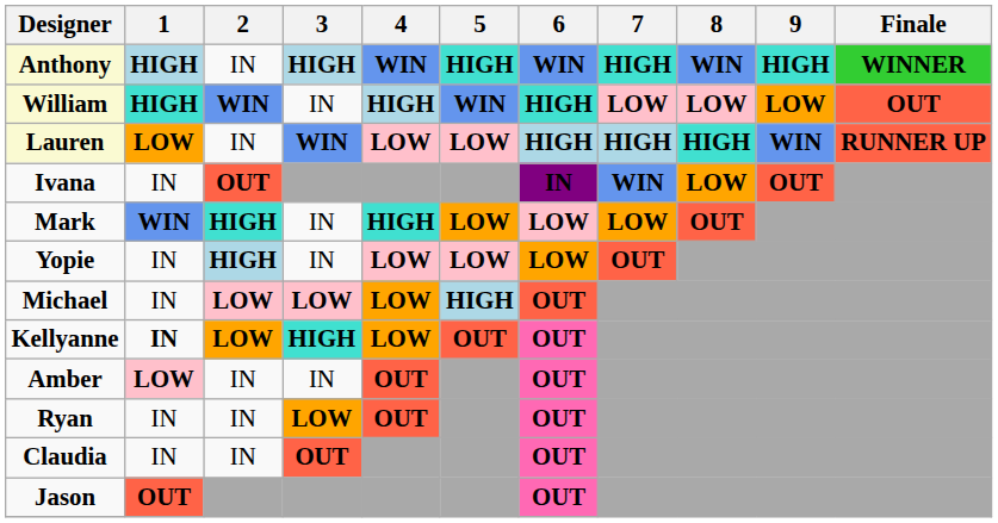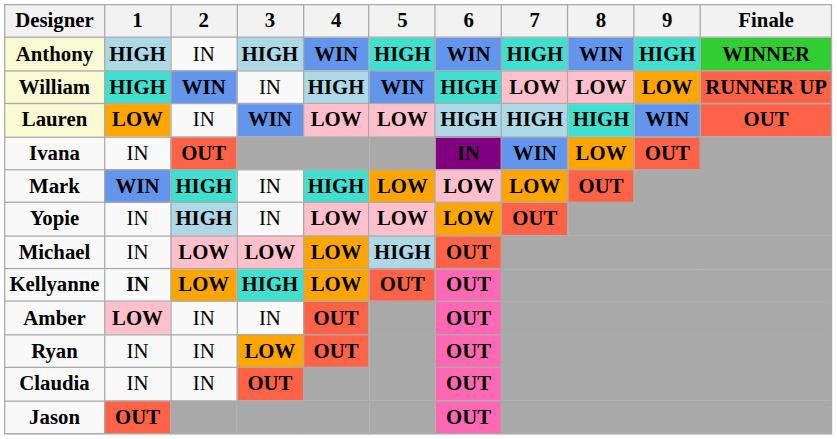 <table class="wikitable" style="text-align:center">
 <tr>
 <th>Designer</th>
 <th>1</th>
 <th>2</th>
 <th>3</th>
 <th>4</th>
 <th>5</th>
 <th>6 </th>
 <th>7</th>
 <th>8</th>
 <th>9</th>
 <th>Finale</th>
 </tr>
 <tr>
 <td style="background:#FAFAD2;"><strong>Anthony</strong></td>
 <td style="background:lightblue;"><strong>HIGH</strong></td>
 <td>IN</td>
 <td style="background:lightblue;"><strong>HIGH</strong></td>
 <td style="background:cornflowerblue;"><strong>WIN</strong></td>
 <td style="background:turquoise;"><strong>HIGH </strong></td>
 <td style="background:cornflowerblue;"><strong>WIN</strong></td>
 <td style="background:turquoise;"><strong>HIGH </strong></td>
 <td style="background:cornflowerblue;"><strong>WIN</strong></td>
 <td style="background:turquoise;"><strong>HIGH</strong></td>
 <td style="background:limegreen;"><strong>WINNER</strong></td>
 </tr>
 <tr>
 <td style="background:#FAFAD2;"><strong>William</strong></td>
 <td style="background:turquoise;"><strong>HIGH</strong></td>
 <td style="background:cornflowerblue;"><strong>WIN</strong></td>
 <td>IN</td>
 <td style="background:lightblue;"><strong>HIGH</strong></td>
 <td style="background:cornflowerblue;"><strong>WIN</strong></td>
 <td style="background:turquoise;"><strong>HIGH</strong></td>
 <td style="background:pink;"><strong>LOW</strong></td>
 <td style="background:pink;"><strong>LOW </strong></td>
 <td style="background:orange;"><strong>LOW</strong></td>
-<td style="background:tomato;"><strong>OUT</strong></td>
+<td style="background:tomato;"><strong>RUNNER UP</strong></td>
 </tr>
 <tr>
 <td style="background:#FAFAD2;"><strong>Lauren</strong></td>
 <td style="background:orange;"><strong>LOW</strong></td>
 <td>IN</td>
 <td style="background:cornflowerblue;"><strong>WIN</strong></td>
 <td style="background:pink;"><strong>LOW</strong></td>
 <td style="background:pink;"><strong>LOW </strong></td>
 <td style="background:lightblue;"><strong>HIGH</strong></td>
 <td style="background:lightblue;"><strong>HIGH</strong></td>
 <td style="background:turquoise;"><strong>HIGH</strong></td>
 <td style="background:cornflowerblue;"><strong>WIN</strong></td>
-<td style="background:tomato;"><strong>RUNNER UP</strong></td>
+<td style="background:tomato;"><strong>OUT</strong></td>
 </tr>
 <tr>
 <td><strong>Ivana</strong></td>
 <td>IN</td>
 <td style="background:tomato;"><strong>OUT</strong></td>
 <td style="background:darkgrey;"></td>
 <td style="background:darkgrey;"></td>
 <td style="background:darkgrey;"></td>
 <td style="background:purple;"><strong>IN</strong></td>
 <td style="background:cornflowerblue;"><strong>WIN</strong></td>
 <td style="background:orange;"><strong>LOW</strong></td>
 <td style="background:tomato;"><strong>OUT</strong></td>
 <td COLSPAN=2 style="background:darkgrey;"></td>
 </tr>
 <tr>
 <td><strong>Mark</strong></td>
 <td style="background:cornflowerblue;"><strong>WIN</strong></td>
 <td style="background:turquoise;"><strong>HIGH</strong></td>
 <td>IN</td>
 <td style="background:turquoise;"><strong>HIGH</strong></td>
 <td style="background:orange;"><strong>LOW</strong></td>
 <td style="background:pink;"><strong>LOW</strong></td>
 <td style="background:orange;"><strong>LOW</strong></td>
 <td style="background:tomato;"><strong>OUT</strong></td>
 <td COLSPAN=3 style="background:darkgrey;"></td>
 </tr>
 <tr>
 <td><strong>Yopie</strong></td>
 <td>IN</td>
 <td style="background:lightblue;"><strong>HIGH</strong></td>
 <td>IN</td>
 <td style="background:pink;"><strong>LOW</strong></td>
 <td style="background:pink;"><strong>LOW</strong></td>
 <td style="background:orange;"><strong>LOW</strong></td>
 <td style="background:tomato;"><strong>OUT</strong></td>
 <td COLSPAN=4 style="background:darkgrey;"></td>
 </tr>
 <tr>
 <td><strong>Michael</strong></td>
 <td>IN</td>
 <td style="background:pink;"><strong>LOW</strong></td>
 <td style="background:pink;"><strong>LOW</strong></td>
 <td style="background:orange;"><strong>LOW</strong></td>
 <td style="background:lightblue;"><strong>HIGH</strong></td>
 <td style="background:tomato;"><strong>OUT</strong></td>
 <td COLSPAN=5 style="background:darkgrey;"></td>
 </tr>
 <tr>
 <td><strong>Kellyanne</strong></td>
 <td><strong>IN</strong></td>
 <td style="background:orange;"><strong>LOW</strong></td>
 <td style="background:turquoise;"><strong>HIGH</strong></td>
 <td style="background:orange;"><strong>LOW</strong></td>
 <td style="background:tomato;"><strong>OUT</strong></td>
 <td style="background:hotpink;"><strong>OUT</strong></td>
 <td COLSPAN=6 style="background:darkgrey;"></td>
 </tr>
 <tr>
 <td><strong>Amber</strong></td>
 <td style="background:pink;"><strong>LOW</strong></td>
 <td>IN</td>
 <td>IN</td>
 <td style="background:tomato;"><strong>OUT</strong></td>
 <td style="background:darkgrey;"></td>
 <td style="background:hotpink;"><strong>OUT</strong></td>
 <td COLSPAN=8 style="background:darkgrey;"></td>
 </tr>
 <tr>
 <td><strong>Ryan</strong></td>
 <td>IN</td>
 <td>IN</td>
 <td style="background:orange;"><strong>LOW</strong></td>
 <td style="background:tomato;"><strong>OUT</strong></td>
 <td style="background:darkgrey;"></td>
 <td style="background:hotpink;"><strong>OUT</strong></td>
 <td COLSPAN=7 style="background:darkgrey;"></td>
 </tr>
 <tr>
 <td><strong>Claudia</strong></td>
 <td>IN</td>
 <td>IN</td>
 <td style="background:tomato;"><strong>OUT</strong></td>
 <td style="background:darkgrey;"></td>
 <td style="background:darkgrey;"></td>
 <td style="background:hotpink;"><strong>OUT</strong></td>
 <td COLSPAN=9 style="background:darkgrey;"></td>
 </tr>
 <tr>
 <td><strong>Jason</strong></td>
 <td style="background:tomato;"><strong>OUT</strong></td>
 <td style="background:darkgrey;"></td>
 <td style="background:darkgrey;"></td>
 <td style="background:darkgrey;"></td>
 <td style="background:darkgrey;"></td>
 <td style="background:hotpink;"><strong>OUT</strong></td>
 <td COLSPAN=10 style="background:darkgrey;"></td>
 </tr>
 <tr>
 </tr>
 </table>
